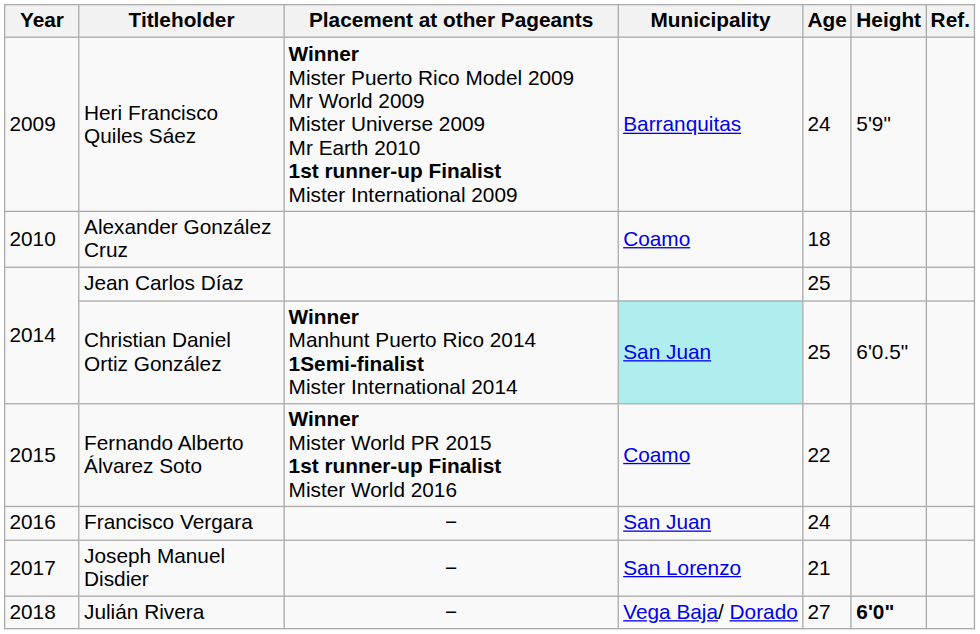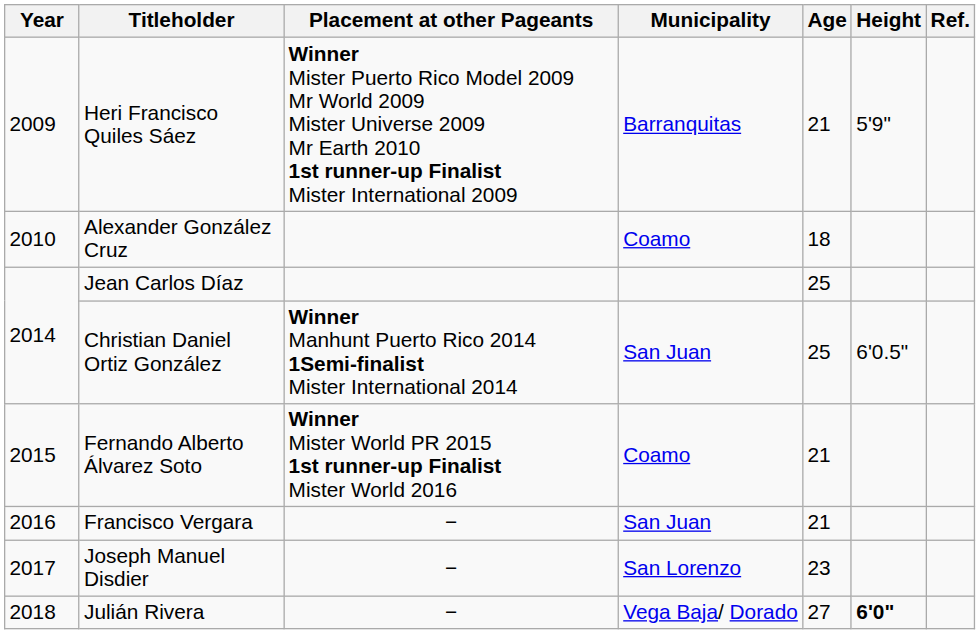 <table class="wikitable">
 <tr>
 <th width="50">Year</th>
 <th width="150">Titleholder</th>
 <th width="250">Placement at other Pageants</th>
 <th>Municipality</th>
 <th>Age</th>
 <th>Height</th>
 <th>Ref.</th>
 </tr>
 <tr>
 <td>2009</td>
 <td>Heri Francisco Quiles Sáez</td>
 <td><div><strong>Winner</strong><br>Mister Puerto Rico Model 2009<br>Mr World 2009<br>Mister Universe 2009<br>Mr Earth 2010<br><strong>1st runner-up Finalist</strong><br>Mister International 2009</div></td>
 <td><a href='#'>Barranquitas</a></td>
-<td>24</td>
+<td>21</td>
 <td>5'9"</td>
 <td></td>
 </tr>
 <tr>
 <td>2010</td>
 <td>Alexander González Cruz</td>
 <td></td>
 <td><a href='#'>Coamo</a></td>
 <td>18</td>
 <td></td>
 <td></td>
 </tr>
 <tr>
 <td rowspan="2">2014</td>
 <td>Jean Carlos Díaz</td>
 <td></td>
 <td></td>
 <td>25</td>
 <td></td>
 <td></td>
 </tr>
 <tr>
 <td>Christian Daniel Ortiz González</td>
 <td><div><strong>Winner</strong><br>Manhunt Puerto Rico 2014<br><strong>1Semi-finalist</strong><br>Mister International 2014 </div></td>
-<td style="background: paleturquoise;"><a href='#'>San Juan</a></td>
+<td><a href='#'>San Juan</a></td>
 <td>25</td>
 <td>6'0.5"</td>
 <td></td>
 </tr>
 <tr>
 <td>2015</td>
 <td>Fernando Alberto Álvarez Soto</td>
 <td><div><strong>Winner</strong><br>Mister World PR 2015<br><strong>1st runner-up Finalist</strong><br>Mister World 2016 </div></td>
 <td><a href='#'>Coamo</a></td>
-<td>22</td>
+<td>21</td>
 <td></td>
 <td></td>
 </tr>
 <tr>
 <td>2016</td>
 <td>Francisco Vergara</td>
 <td style="text-align:center;">−</td>
 <td><a href='#'>San Juan</a></td>
-<td>24</td>
+<td>21</td>
 <td></td>
 <td></td>
 </tr>
 <tr>
 <td>2017</td>
 <td>Joseph Manuel Disdier</td>
 <td style="text-align:center;">−</td>
 <td><a href='#'>San Lorenzo</a></td>
-<td>21</td>
+<td>23</td>
 <td></td>
 <td></td>
 </tr>
 <tr>
 <td>2018</td>
 <td>Julián Rivera</td>
 <td style="text-align:center;">−</td>
 <td><a href='#'>Vega Baja</a>/ <a href='#'>Dorado</a></td>
 <td>27</td>
 <td><strong>6'0"</strong></td>
 <td></td>
 </tr>
 </table>
